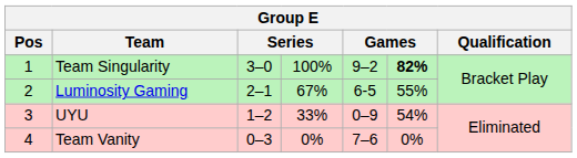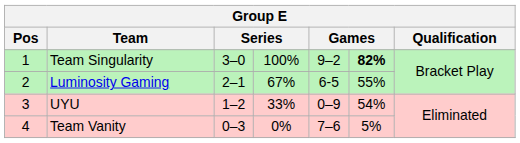 <table class="wikitable" style="display: inline-table;width: 46.5%; ">
 <tr>
 <th colspan="7">Group E</th>
 </tr>
 <tr>
 <th>Pos</th>
 <th>Team</th>
 <th colspan="2">Series</th>
 <th colspan="2">Games</th>
 <th>Qualification</th>
 </tr>
 <tr>
 <td style="text-align:center; background:#BBF3BB;">1</td>
 <td style="text-align:left; background:#BBF3BB;">Team Singularity</td>
 <td style="text-align:center; background:#BBF3BB;">3–0</td>
 <td style="text-align:center; background:#BBF3BB;">100%</td>
 <td style="text-align:center; background:#BBF3BB;">9–2</td>
 <td style="text-align:center; background:#BBF3BB;"><strong>82%</strong></td>
 <td style="text-align:center; background:#BBF3BB;" rowspan="2">Bracket Play</td>
 </tr>
 <tr>
 <td style="text-align:center; background:#BBF3BB;">2</td>
 <td style="text-align:left; background:#BBF3BB;"><a href='#'>Luminosity Gaming</a></td>
 <td style="text-align:center; background:#BBF3BB;">2–1</td>
 <td style="text-align:center; background:#BBF3BB;">67%</td>
 <td style="text-align:center; background:#BBF3BB;">6-5</td>
 <td style="text-align:center; background:#BBF3BB;">55%</td>
 </tr>
 <tr>
 <td style="text-align:center; background:#FFCCCC;">3</td>
 <td style="text-align:left; background:#FFCCCC;">UYU</td>
 <td style="text-align:center; background:#FFCCCC;">1–2</td>
 <td style="text-align:center; background:#FFCCCC;">33%</td>
 <td style="text-align:center; background:#FFCCCC;">0–9</td>
 <td style="text-align:center; background:#FFCCCC;">54%</td>
 <td style="text-align:center; background:#FFCCCC;" rowspan="2">Eliminated</td>
 </tr>
 <tr>
 <td style="text-align:center; background:#FFCCCC;">4</td>
 <td style="text-align:left; background:#FFCCCC;">Team Vanity</td>
 <td style="text-align:center; background:#FFCCCC;">0–3</td>
 <td style="text-align:center; background:#FFCCCC;">0%</td>
 <td style="text-align:center; background:#FFCCCC;">7–6</td>
-<td style="text-align:center; background:#FFCCCC;">0%</td>
+<td style="text-align:center; background:#FFCCCC;">5%</td>
 </tr>
 </table>
